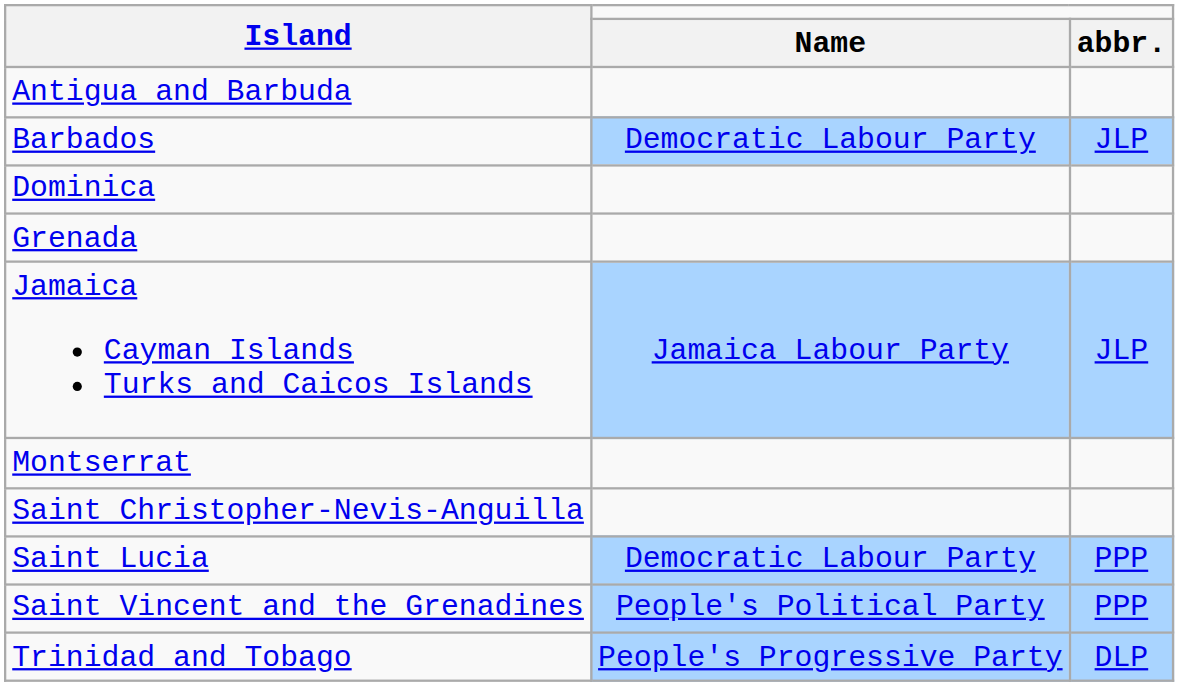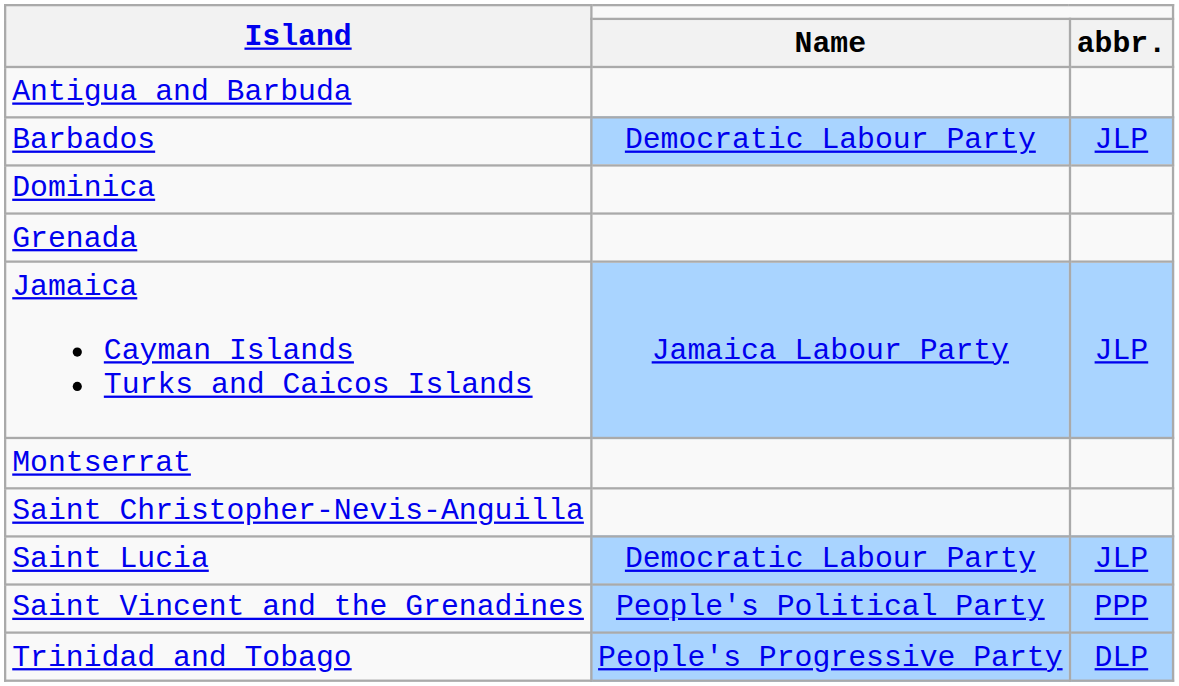 <table class="wikitable" style="text-align:center">
 <tr>
 <th rowspan="2"><a href='#'>Island</a></th>
 <td colspan="2"><strong></strong></td>
 </tr>
 <tr>
 <th>Name</th>
 <th>abbr.</th>
 </tr>
 <tr>
 <td align="left"> <a href='#'>Antigua and Barbuda</a></td>
 <td></td>
 <td></td>
 </tr>
 <tr>
 <td align="left"> <a href='#'>Barbados</a></td>
 <td bgcolor="#a9d4ff"><a href='#'>Democratic Labour Party</a></td>
 <td bgcolor="#a9d4ff"><a href='#'>JLP</a></td>
 </tr>
 <tr>
 <td align="left"> <a href='#'>Dominica</a></td>
 <td></td>
 <td></td>
 </tr>
 <tr>
 <td align="left"> <a href='#'>Grenada</a></td>
 <td></td>
 <td></td>
 </tr>
 <tr>
 <td align="left"> <a href='#'>Jamaica</a><br><ul><li> <a href='#'>Cayman Islands</a></li><li> <a href='#'>Turks and Caicos Islands</a></li></ul></td>
 <td bgcolor="#a9d4ff"><a href='#'>Jamaica Labour Party</a></td>
 <td bgcolor="#a9d4ff"><a href='#'>JLP</a></td>
 </tr>
 <tr>
 <td align="left"> <a href='#'>Montserrat</a></td>
 <td></td>
 <td></td>
 </tr>
 <tr>
 <td align="left"> <a href='#'>Saint Christopher-Nevis-Anguilla</a></td>
 <td></td>
 <td></td>
 </tr>
 <tr>
 <td align="left"> <a href='#'>Saint Lucia</a></td>
 <td bgcolor="#a9d4ff"><a href='#'>Democratic Labour Party</a></td>
-<td bgcolor="#a9d4ff"><a href='#'>PPP</a></td>
+<td bgcolor="#a9d4ff"><a href='#'>JLP</a></td>
 </tr>
 <tr>
 <td align="left"> <a href='#'>Saint Vincent and the Grenadines</a></td>
 <td bgcolor="#a9d4ff"><a href='#'>People's Political Party</a></td>
 <td bgcolor="#a9d4ff"><a href='#'>PPP</a></td>
 </tr>
 <tr>
 <td align="left"> <a href='#'>Trinidad and Tobago</a></td>
 <td bgcolor="#a9d4ff"><a href='#'>People's Progressive Party</a></td>
 <td bgcolor="#a9d4ff"><a href='#'>DLP</a></td>
 </tr>
 </table>
